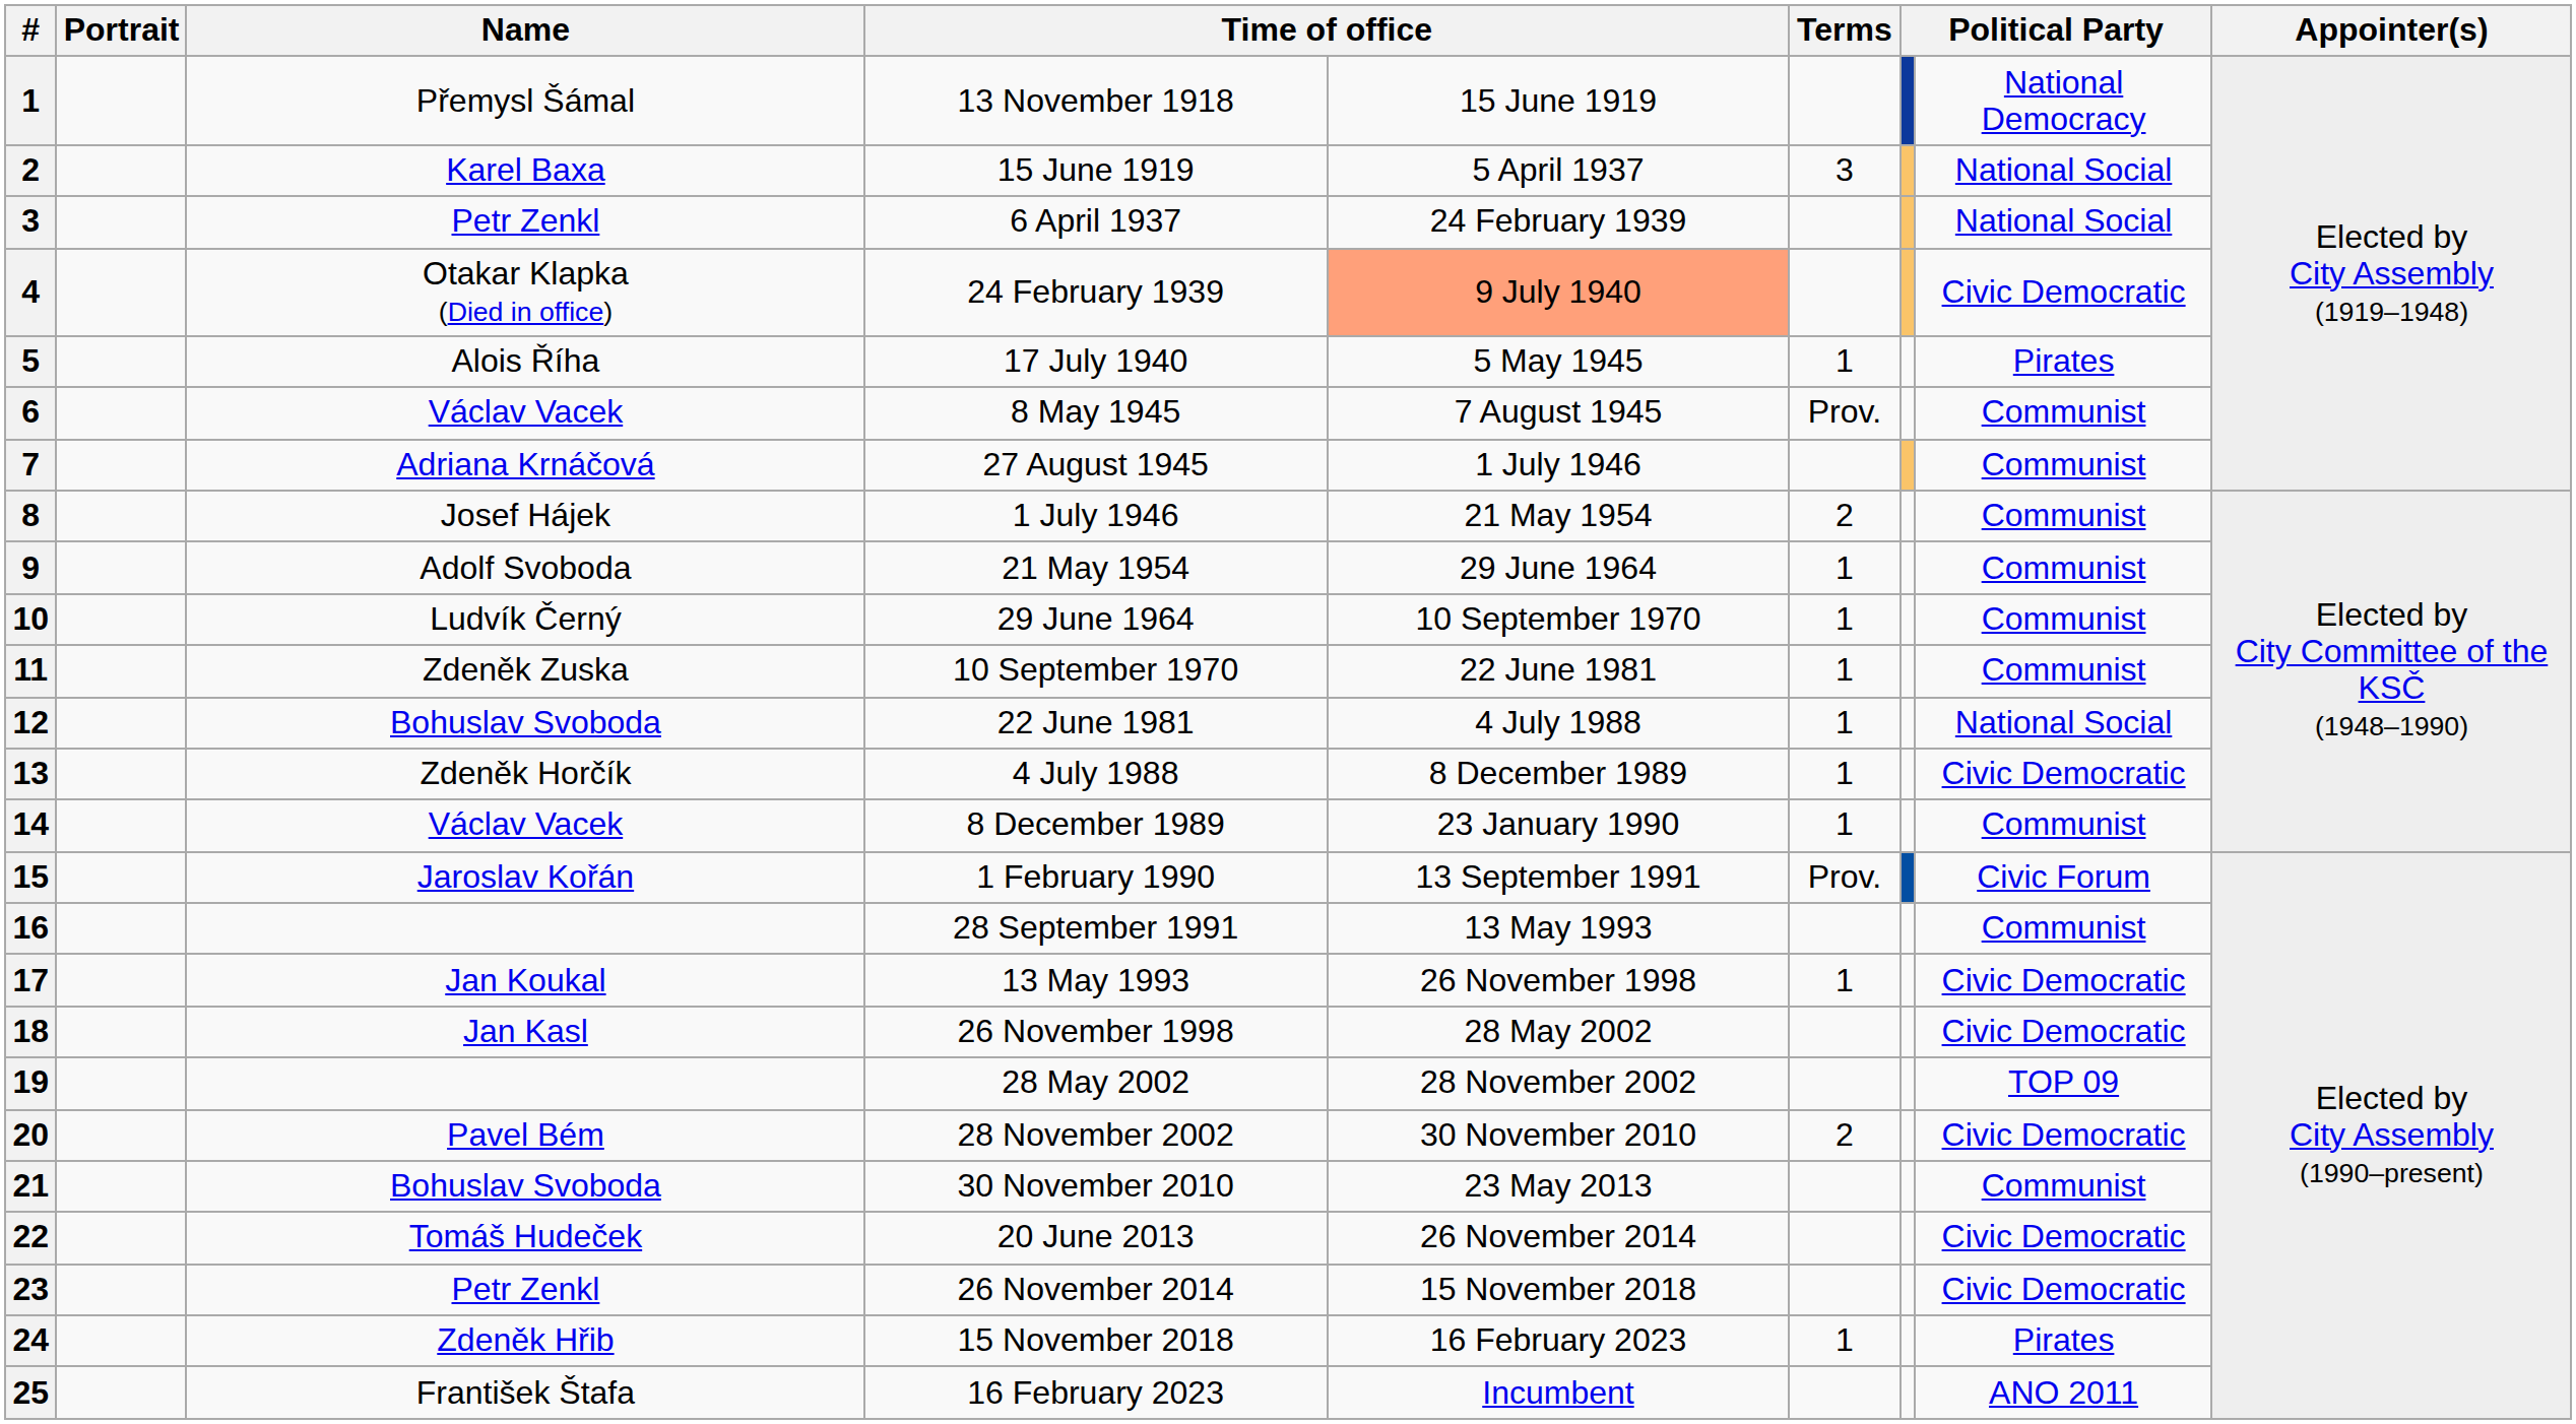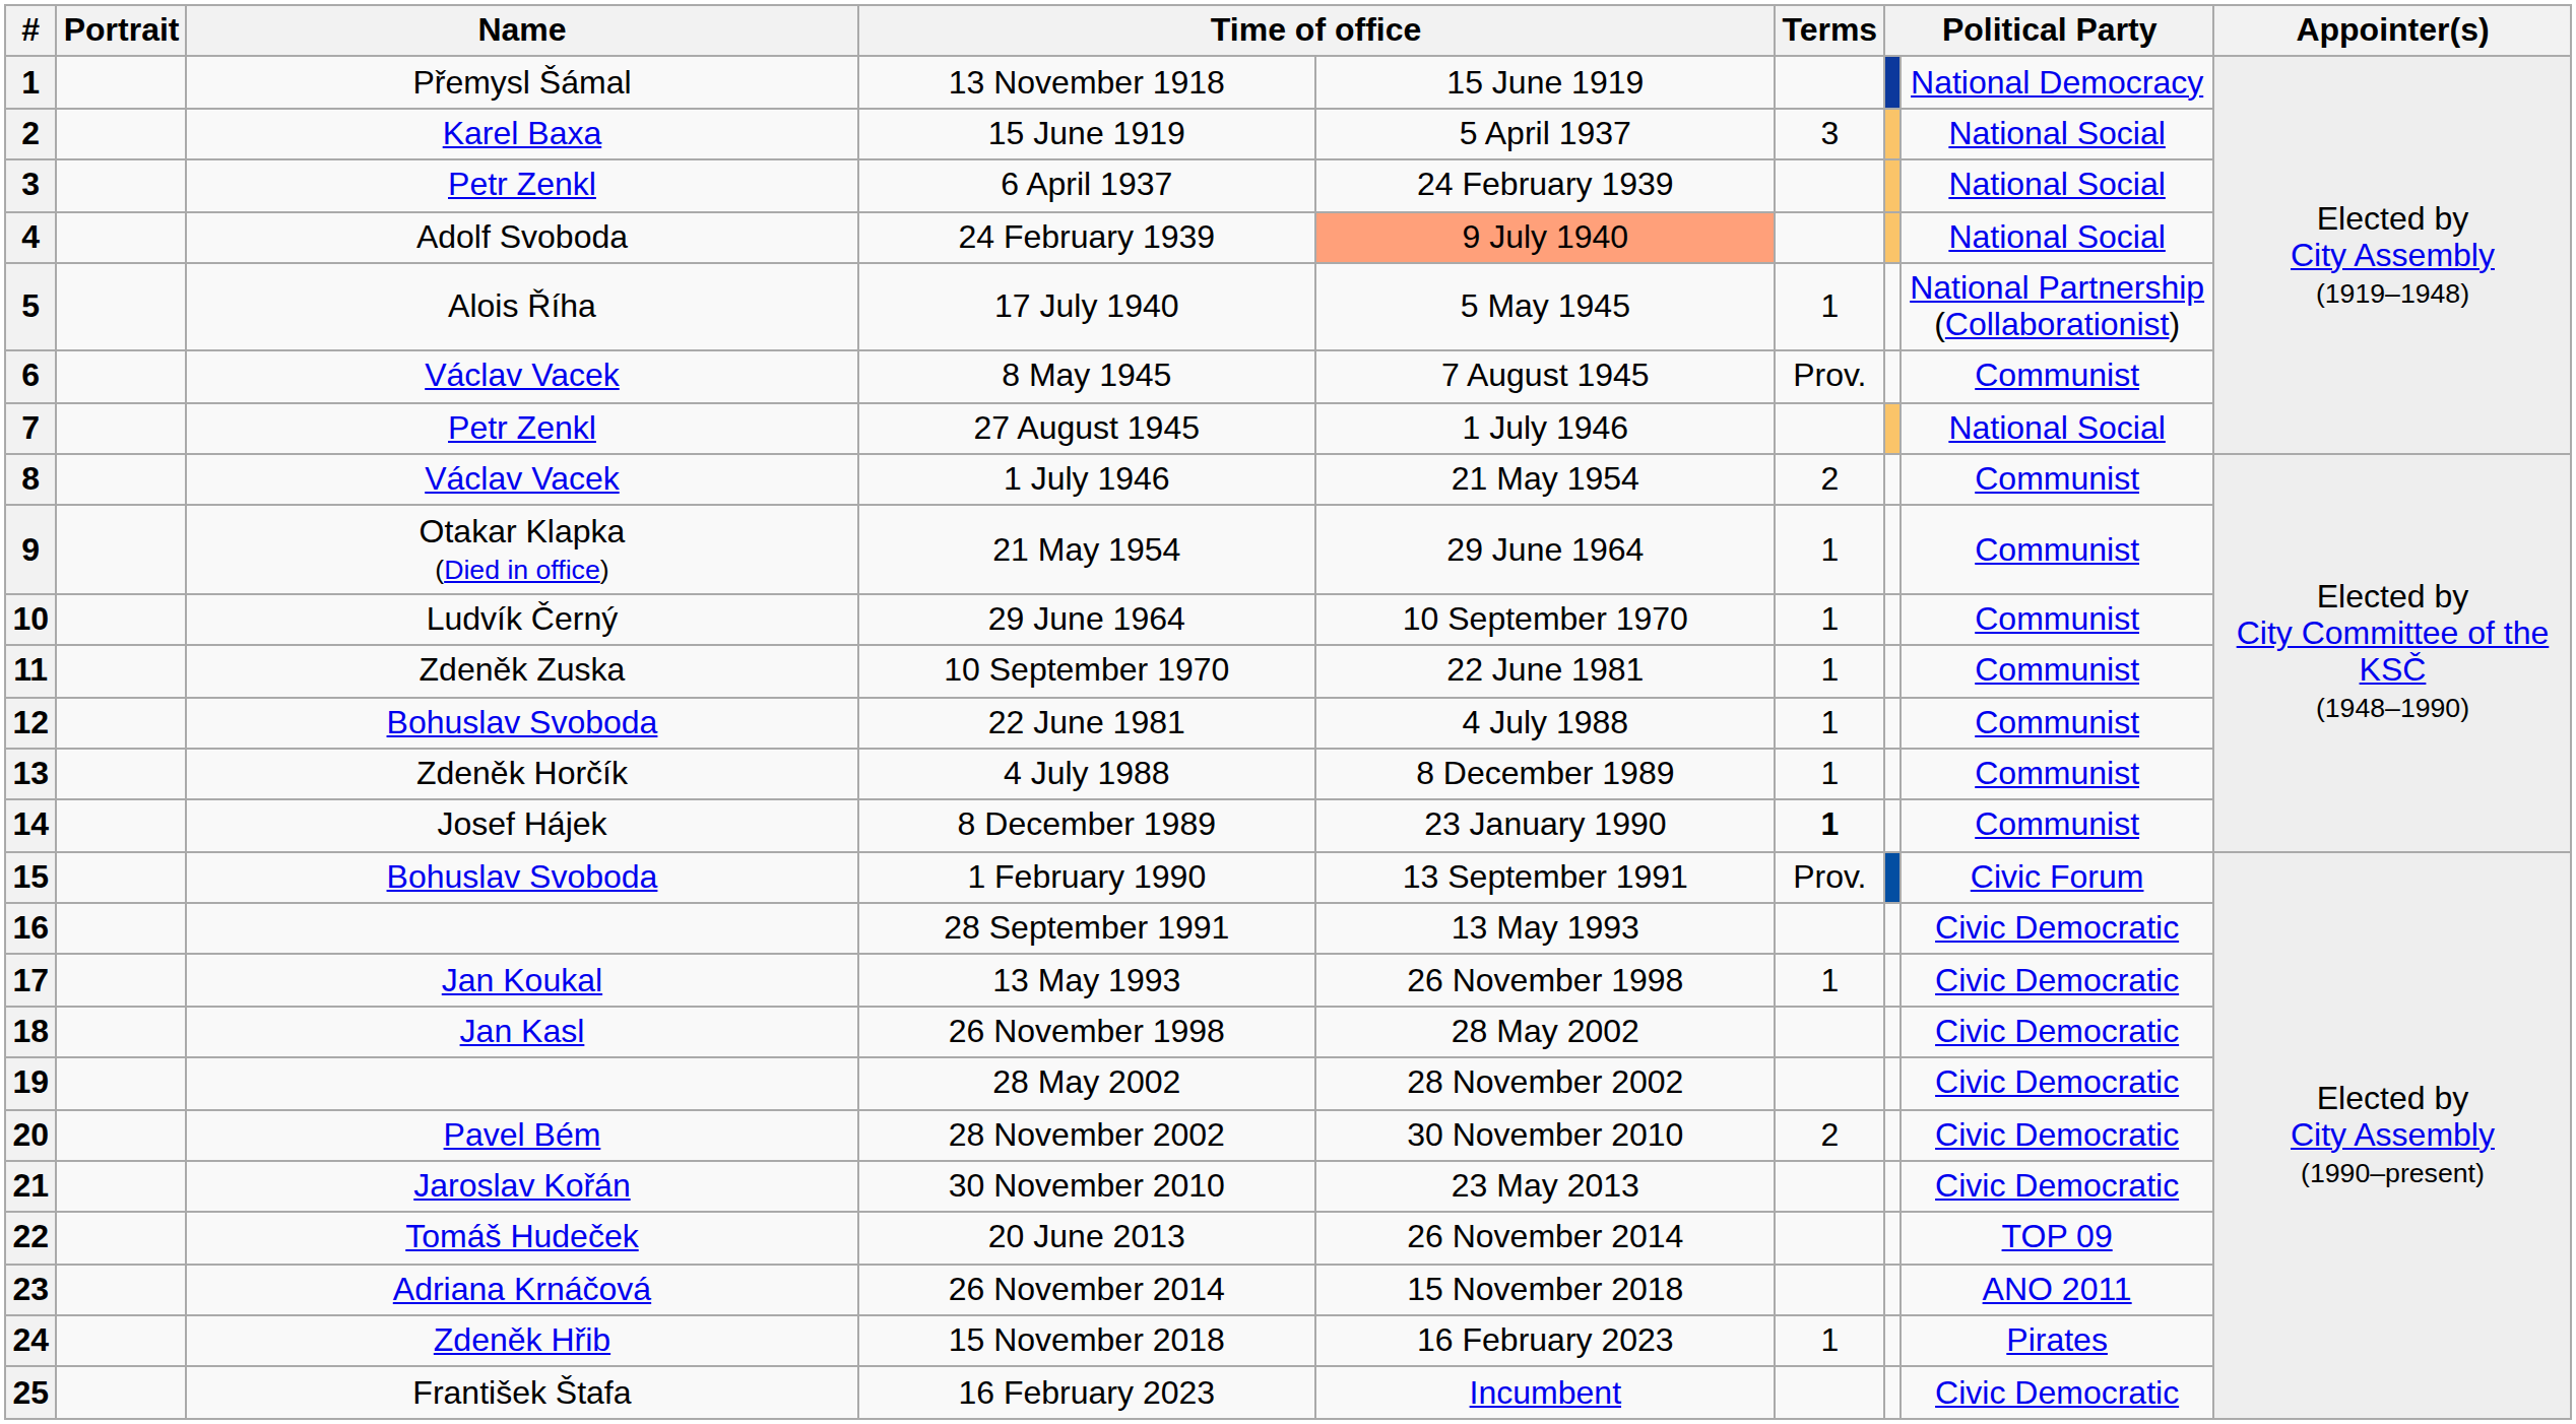 <table class="wikitable" style="width:100%; text-align:center;">
 <tr>
 <th width=20>#</th>
 <th width=70>Portrait</th>
 <th width=30%>Name</th>
 <th colspan=2 width=40%>Time of office</th>
 <th>Terms</th>
 <th colspan=2 width=13%>Political Party</th>
 <th width=15%>Appointer(s)</th>
 </tr>
 <tr>
 <th>1</th>
 <td></td>
 <td>Přemysl Šámal</td>
 <td>13 November 1918</td>
 <td>15 June 1919</td>
 <td></td>
 <td style="background:#0C389C;"></td>
 <td><a href='#'>National Democracy</a></td>
 <td rowspan=7 bgcolor=#EEEEEE>Elected by<br><a href='#'>City Assembly</a><br><small>(1919–1948)</small></td>
 </tr>
 <tr>
 <th>2</th>
 <td></td>
 <td><a href='#'>Karel Baxa</a></td>
 <td>15 June 1919</td>
 <td>5 April 1937</td>
 <td>3 </td>
 <td style="background:#FAC469;"></td>
 <td><a href='#'>National Social</a></td>
 </tr>
 <tr>
 <th>3</th>
 <td></td>
 <td><a href='#'>Petr Zenkl</a></td>
 <td>6 April 1937</td>
 <td>24 February 1939</td>
 <td></td>
 <td style="background:#FAC469;"></td>
 <td><a href='#'>National Social</a></td>
 </tr>
 <tr>
 <th>4</th>
 <td></td>
-<td>Otakar Klapka<br><small>(<a href='#'>Died in office</a>)</small></td>
+<td>Adolf Svoboda</td>
 <td>24 February 1939</td>
 <td style="background: lightsalmon;">9 July 1940</td>
 <td></td>
 <td style="background:#FAC469;"></td>
-<td><a href='#'>Civic Democratic</a></td>
+<td><a href='#'>National Social</a></td>
 </tr>
 <tr>
 <th>5</th>
 <td></td>
 <td>Alois Říha</td>
 <td>17 July 1940</td>
 <td>5 May 1945</td>
 <td>1</td>
 <td style="background:"></td>
-<td><a href='#'>Pirates</a></td>
+<td><a href='#'>National Partnership</a> (<a href='#'>Collaborationist</a>)</td>
 </tr>
 <tr>
 <th>6</th>
 <td></td>
 <td><a href='#'>Václav Vacek</a></td>
 <td>8 May 1945</td>
 <td>7 August 1945</td>
 <td>Prov.</td>
 <td style="background:"></td>
 <td><a href='#'>Communist</a></td>
 </tr>
 <tr>
 <th>7</th>
 <td></td>
-<td><a href='#'>Adriana Krnáčová</a></td>
+<td><a href='#'>Petr Zenkl</a></td>
 <td>27 August 1945</td>
 <td>1 July 1946</td>
 <td></td>
 <td style="background:#FAC469;"></td>
-<td><a href='#'>Communist</a></td>
+<td><a href='#'>National Social</a></td>
 </tr>
 <tr>
 <th>8</th>
 <td></td>
-<td>Josef Hájek</td>
+<td><a href='#'>Václav Vacek</a></td>
 <td>1 July 1946</td>
 <td>21 May 1954</td>
 <td>2</td>
 <td style="background:"></td>
 <td><a href='#'>Communist</a></td>
 <td rowspan=7 bgcolor=#EEEEEE>Elected by<br><a href='#'>City Committee of the KSČ</a><br><small>(1948–1990)</small></td>
 </tr>
 <tr>
 <th>9</th>
 <td></td>
-<td>Adolf Svoboda</td>
+<td>Otakar Klapka<br><small>(<a href='#'>Died in office</a>)</small></td>
 <td>21 May 1954</td>
 <td>29 June 1964</td>
 <td>1</td>
 <td style="background:"></td>
 <td><a href='#'>Communist</a></td>
 </tr>
 <tr>
 <th>10</th>
 <td></td>
 <td>Ludvík Černý</td>
 <td>29 June 1964</td>
 <td>10 September 1970</td>
 <td>1</td>
 <td style="background:"></td>
 <td><a href='#'>Communist</a></td>
 </tr>
 <tr>
 <th>11</th>
 <td></td>
 <td>Zdeněk Zuska</td>
 <td>10 September 1970</td>
 <td>22 June 1981</td>
 <td>1</td>
 <td style="background:"></td>
 <td><a href='#'>Communist</a></td>
 </tr>
 <tr>
 <th>12</th>
 <td></td>
 <td><a href='#'>Bohuslav Svoboda</a></td>
 <td>22 June 1981</td>
 <td>4 July 1988</td>
 <td>1</td>
 <td style="background:"></td>
-<td><a href='#'>National Social</a></td>
+<td><a href='#'>Communist</a></td>
 </tr>
 <tr>
 <th>13</th>
 <td></td>
 <td>Zdeněk Horčík</td>
 <td>4 July 1988</td>
 <td>8 December 1989</td>
 <td>1</td>
 <td style="background:"></td>
-<td><a href='#'>Civic Democratic</a></td>
+<td><a href='#'>Communist</a></td>
 </tr>
 <tr>
 <th>14</th>
 <td></td>
-<td><a href='#'>Václav Vacek</a></td>
+<td>Josef Hájek</td>
 <td>8 December 1989</td>
 <td>23 January 1990</td>
-<td>1</td>
+<td><strong>1</strong></td>
 <td style="background:"></td>
 <td><a href='#'>Communist</a></td>
 </tr>
 <tr>
 <th>15</th>
 <td></td>
-<td><a href='#'>Jaroslav Kořán</a></td>
+<td><a href='#'>Bohuslav Svoboda</a></td>
 <td>1 February 1990</td>
 <td>13 September 1991</td>
 <td>Prov.</td>
 <td style="background: #034EA2;"></td>
 <td><a href='#'>Civic Forum</a></td>
 <td rowspan=11 bgcolor=#EEEEEE>Elected by<br><a href='#'>City Assembly</a><br><small>(1990–present)</small></td>
 </tr>
 <tr>
 <th>16</th>
 <td></td>
 <td></td>
 <td>28 September 1991</td>
 <td>13 May 1993</td>
 <td></td>
 <td style="background:"></td>
-<td><a href='#'>Communist</a></td>
+<td><a href='#'>Civic Democratic</a></td>
 </tr>
 <tr>
 <th>17</th>
 <td></td>
 <td><a href='#'>Jan Koukal</a></td>
 <td>13 May 1993</td>
 <td>26 November 1998</td>
 <td>1 </td>
 <td style="background:"></td>
 <td><a href='#'>Civic Democratic</a></td>
 </tr>
 <tr>
 <th>18</th>
 <td></td>
 <td><a href='#'>Jan Kasl</a></td>
 <td>26 November 1998</td>
 <td>28 May 2002</td>
 <td></td>
 <td style="background:"></td>
 <td><a href='#'>Civic Democratic</a></td>
 </tr>
 <tr>
 <th>19</th>
 <td></td>
 <td></td>
 <td>28 May 2002</td>
 <td>28 November 2002</td>
 <td></td>
 <td style="background:"></td>
-<td><a href='#'>TOP 09</a></td>
+<td><a href='#'>Civic Democratic</a></td>
 </tr>
 <tr>
 <th>20</th>
 <td></td>
 <td><a href='#'>Pavel Bém</a></td>
 <td>28 November 2002</td>
 <td>30 November 2010</td>
 <td>2</td>
 <td style="background:"></td>
 <td><a href='#'>Civic Democratic</a></td>
 </tr>
 <tr>
 <th>21</th>
 <td></td>
-<td><a href='#'>Bohuslav Svoboda</a></td>
+<td><a href='#'>Jaroslav Kořán</a></td>
 <td>30 November 2010</td>
 <td>23 May 2013</td>
 <td></td>
 <td style="background:"></td>
-<td><a href='#'>Communist</a></td>
+<td><a href='#'>Civic Democratic</a></td>
 </tr>
 <tr>
 <th>22</th>
 <td></td>
 <td><a href='#'>Tomáš Hudeček</a></td>
 <td>20 June 2013</td>
 <td>26 November 2014</td>
 <td></td>
 <td style="background:"></td>
-<td><a href='#'>Civic Democratic</a></td>
+<td><a href='#'>TOP 09</a></td>
 </tr>
 <tr>
 <th>23</th>
 <td></td>
-<td><a href='#'>Petr Zenkl</a></td>
+<td><a href='#'>Adriana Krnáčová</a></td>
 <td>26 November 2014</td>
 <td>15 November 2018</td>
 <td></td>
 <td style="background:"></td>
-<td><a href='#'>Civic Democratic</a></td>
+<td><a href='#'>ANO 2011</a></td>
 </tr>
 <tr>
 <th>24</th>
 <td></td>
 <td><a href='#'>Zdeněk Hřib</a></td>
 <td>15 November 2018</td>
 <td>16 February 2023</td>
 <td>1</td>
 <td style="background:"></td>
 <td><a href='#'>Pirates</a></td>
 </tr>
 <tr>
 <th>25</th>
 <td></td>
 <td>František Štafa</td>
 <td>16 February 2023</td>
 <td><a href='#'>Incumbent</a></td>
 <td></td>
 <td style="background:"></td>
-<td><a href='#'>ANO 2011</a></td>
+<td><a href='#'>Civic Democratic</a></td>
 </tr>
 </table>
